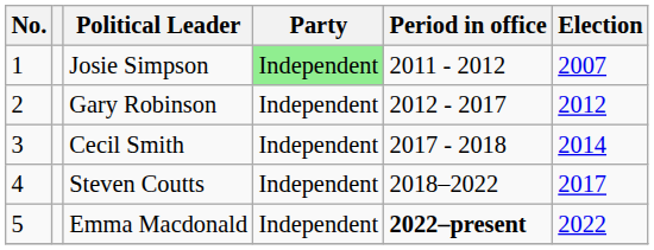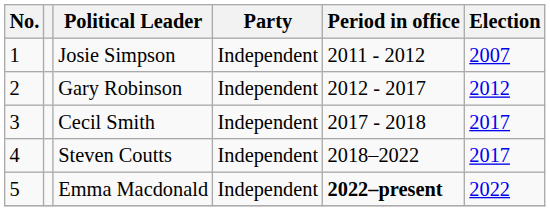 <table class="wikitable" style="font-size:95%;">
 <tr>
 <th>No.</th>
 <th></th>
 <th>Political Leader</th>
 <th>Party</th>
 <th>Period in office</th>
 <th>Election</th>
 </tr>
 <tr>
 <td>1</td>
 <td style="background-color:"></td>
 <td>Josie Simpson</td>
-<td style="background: lightgreen;">Independent</td>
+<td>Independent</td>
 <td>2011 - 2012</td>
 <td><a href='#'>2007</a></td>
 </tr>
 <tr>
 <td>2</td>
 <td style="background-color:"></td>
 <td>Gary Robinson</td>
 <td>Independent</td>
 <td>2012 - 2017</td>
 <td><a href='#'>2012</a></td>
 </tr>
 <tr>
 <td>3</td>
 <td style="background-color:"></td>
 <td>Cecil Smith</td>
 <td>Independent</td>
 <td>2017 - 2018</td>
-<td><a href='#'>2014</a></td>
+<td><a href='#'>2017</a></td>
 </tr>
 <tr>
 <td>4</td>
 <td style="background-color:"></td>
 <td>Steven Coutts</td>
 <td>Independent</td>
 <td>2018–2022</td>
 <td><a href='#'>2017</a></td>
 </tr>
 <tr>
 <td>5</td>
 <td style="background-color:"></td>
 <td>Emma Macdonald</td>
 <td>Independent</td>
 <td><strong>2022–present</strong></td>
 <td><a href='#'>2022</a></td>
 </tr>
 <tr>
 </tr>
 </table>
